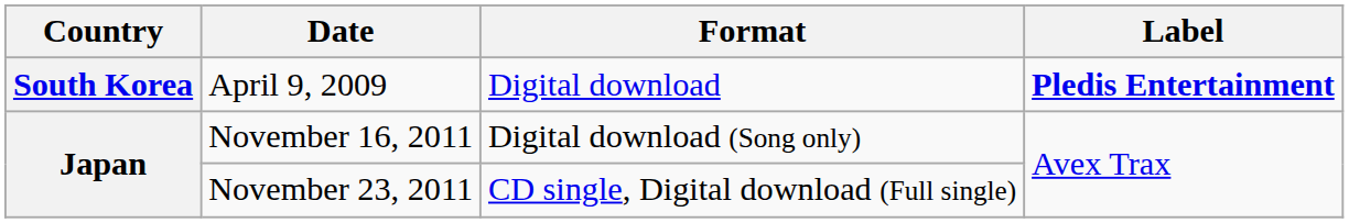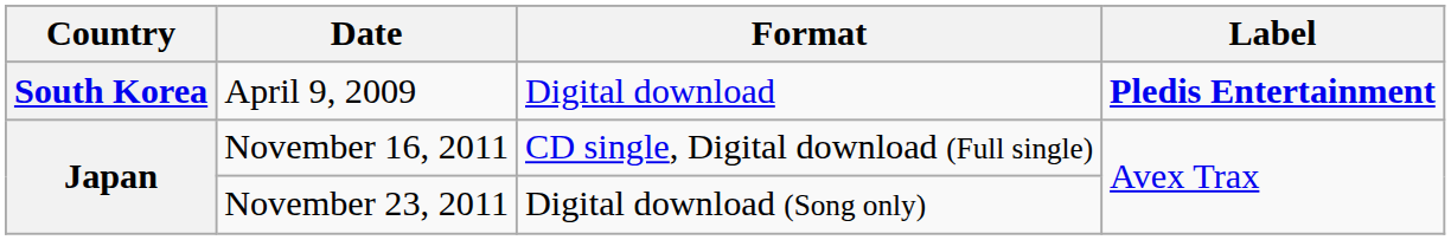 <table class="wikitable plainrowheaders">
 <tr>
 <th scope="col">Country</th>
 <th>Date</th>
 <th>Format</th>
 <th>Label</th>
 </tr>
 <tr>
 <th scope="row" rowspan="1"><a href='#'>South Korea</a></th>
 <td>April 9, 2009</td>
 <td><a href='#'>Digital download</a></td>
 <td><strong><a href='#'>Pledis Entertainment</a></strong></td>
 </tr>
 <tr>
 <th scope="row" rowspan="2">Japan</th>
 <td>November 16, 2011</td>
-<td>Digital download <small>(Song only)</small></td>
+<td><a href='#'>CD single</a>, Digital download <small>(Full single)</small></td>
 <td rowspan="2"><a href='#'>Avex Trax</a></td>
 </tr>
 <tr>
 <td>November 23, 2011</td>
-<td><a href='#'>CD single</a>, Digital download <small>(Full single)</small></td>
+<td>Digital download <small>(Song only)</small></td>
 </tr>
 </table>
